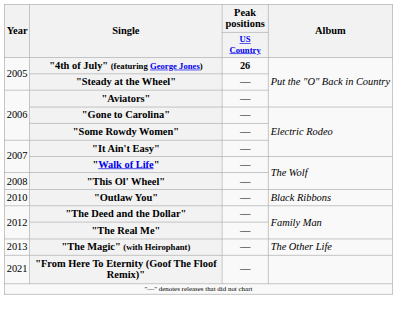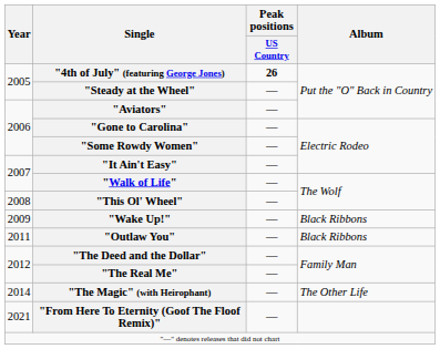 <table class="wikitable plainrowheaders" style="text-align:center;">
 <tr>
 <th rowspan="2">Year</th>
 <th rowspan="2" style="width:18em;">Single</th>
 <th>Peak positions</th>
 <th rowspan="2">Album</th>
 </tr>
 <tr style="font-size:smaller;">
 <th style="width:65px;"><a href='#'>US Country</a><br></th>
 </tr>
 <tr>
 <td rowspan="2">2005</td>
 <th scope="row">"4th of July" <small>(featuring <a href='#'>George Jones</a>)</small></th>
 <td><strong>26</strong></td>
 <td style="text-align:left;" rowspan="3"><em>Put the "O" Back in Country</em></td>
 </tr>
 <tr>
 <th scope="row">"Steady at the Wheel"</th>
 <td>—</td>
 </tr>
 <tr>
 <td rowspan="3">2006</td>
 <th scope="row">"Aviators"</th>
 <td>—</td>
 </tr>
 <tr>
 <th scope="row">"Gone to Carolina"</th>
 <td>—</td>
 <td style="text-align:left;" rowspan="3"><em>Electric Rodeo</em></td>
 </tr>
 <tr>
 <th scope="row">"Some Rowdy Women"</th>
 <td>—</td>
 </tr>
 <tr>
 <td rowspan="2">2007</td>
 <th scope="row">"It Ain't Easy"</th>
 <td>—</td>
 </tr>
 <tr>
 <th scope="row">"<a href='#'>Walk of Life</a>"</th>
 <td>—</td>
 <td style="text-align:left;" rowspan="2"><em>The Wolf</em></td>
 </tr>
 <tr>
 <td>2008</td>
 <th scope="row">"This Ol' Wheel"</th>
 <td>—</td>
 </tr>
 <tr>
-<td>2010</td>
+<td>2009</td>
+<th scope="row">"Wake Up!"</th>
+<td>—</td>
+<td style="text-align:left;"><em>Black Ribbons</em></td>
+</tr>
+<tr>
+<td>2011</td>
 <th scope="row">"Outlaw You"</th>
 <td>—</td>
 <td style="text-align:left;"><em>Black Ribbons</em></td>
 </tr>
 <tr>
 <td rowspan="2">2012</td>
 <th scope="row">"The Deed and the Dollar"</th>
 <td>—</td>
 <td style="text-align:left;" rowspan="2"><em>Family Man</em></td>
 </tr>
 <tr>
 <th scope="row">"The Real Me"</th>
 <td>—</td>
 </tr>
 <tr>
-<td>2013</td>
+<td>2014</td>
 <th scope="row">"The Magic" <small>(with Heirophant)</small></th>
 <td>—</td>
 <td style="text-align:left;"><em>The Other Life</em></td>
 </tr>
 <tr>
 <td>2021</td>
 <th scope="row">"From Here To Eternity (Goof The Floof Remix)"</th>
 <td>—</td>
 </tr>
 <tr>
 <td colspan="4" style="font-size:8pt">"—" denotes releases that did not chart</td>
 </tr>
 </table>
